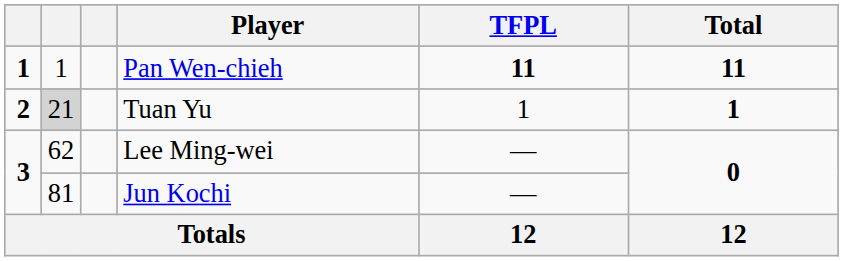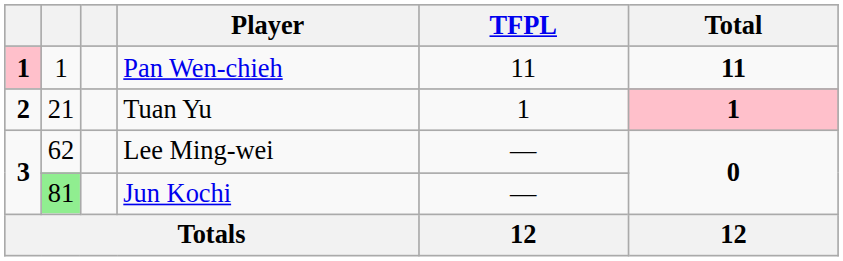 <table class="wikitable" style="text-align:center">
 <tr>
 <th width=15></th>
 <th width=15></th>
 <th width=15></th>
 <th width=175>Player</th>
 <th width=120><a href='#'>TFPL</a></th>
 <th width=120>Total</th>
 </tr>
 <tr>
-<td><strong>1</strong></td>
+<td style="background: pink;"><strong>1</strong></td>
 <td>1</td>
 <td></td>
 <td align=left><a href='#'>Pan Wen-chieh</a></td>
-<td><strong>11</strong></td>
+<td>11</td>
 <td><strong>11</strong></td>
 </tr>
 <tr>
 <td><strong>2</strong></td>
-<td style="background: lightgrey;">21</td>
+<td>21</td>
 <td></td>
 <td align=left>Tuan Yu</td>
 <td>1</td>
-<td><strong>1</strong></td>
+<td style="background: pink;"><strong>1</strong></td>
 </tr>
 <tr>
 <td rowspan=2><strong>3</strong></td>
 <td>62</td>
 <td></td>
 <td align=left>Lee Ming-wei</td>
 <td>—</td>
 <td rowspan=2><strong>0</strong></td>
 </tr>
 <tr>
-<td>81</td>
+<td style="background: lightgreen;">81</td>
 <td></td>
 <td align=left><a href='#'>Jun Kochi</a></td>
 <td>—</td>
 </tr>
 <tr>
 <th colspan=4><strong>Totals</strong></th>
 <th><strong>12</strong></th>
 <th><strong>12</strong></th>
 </tr>
 </table>
